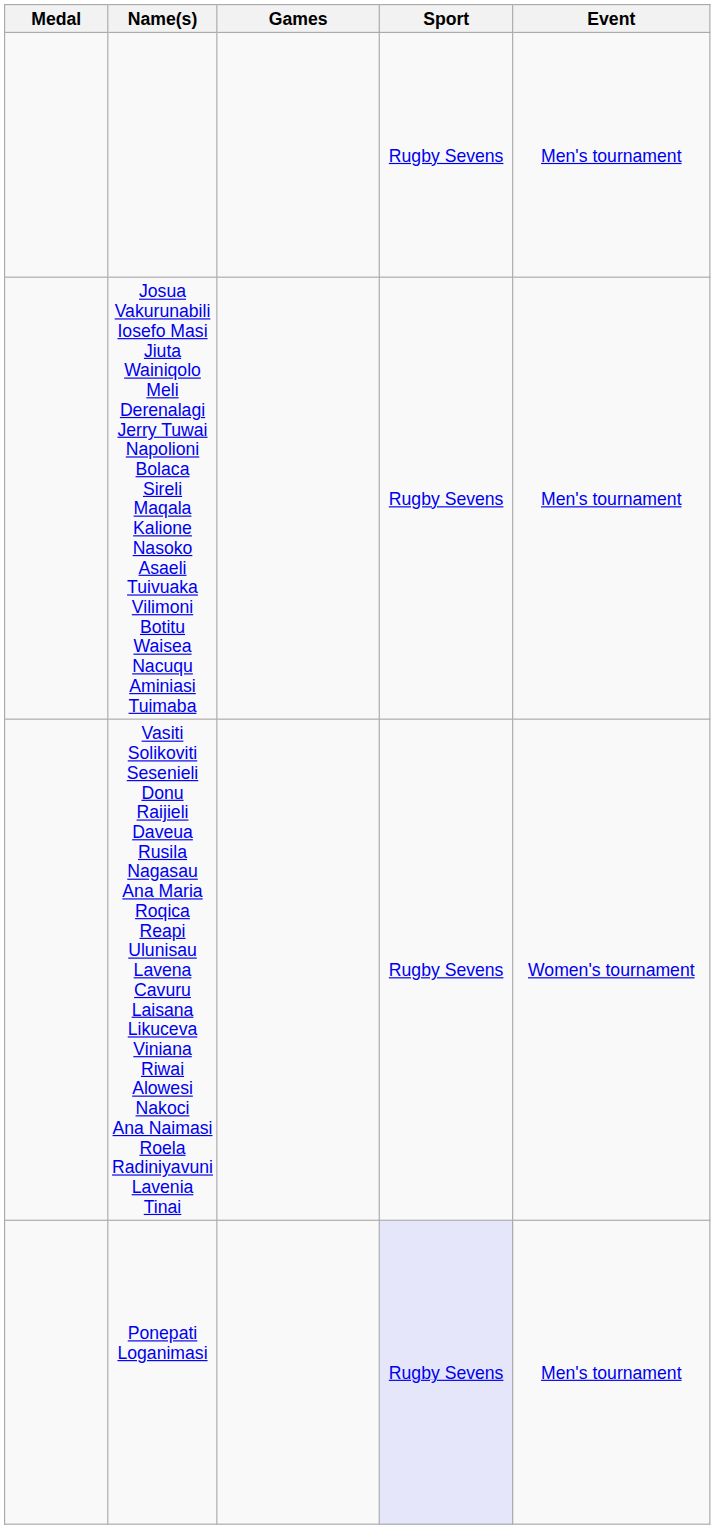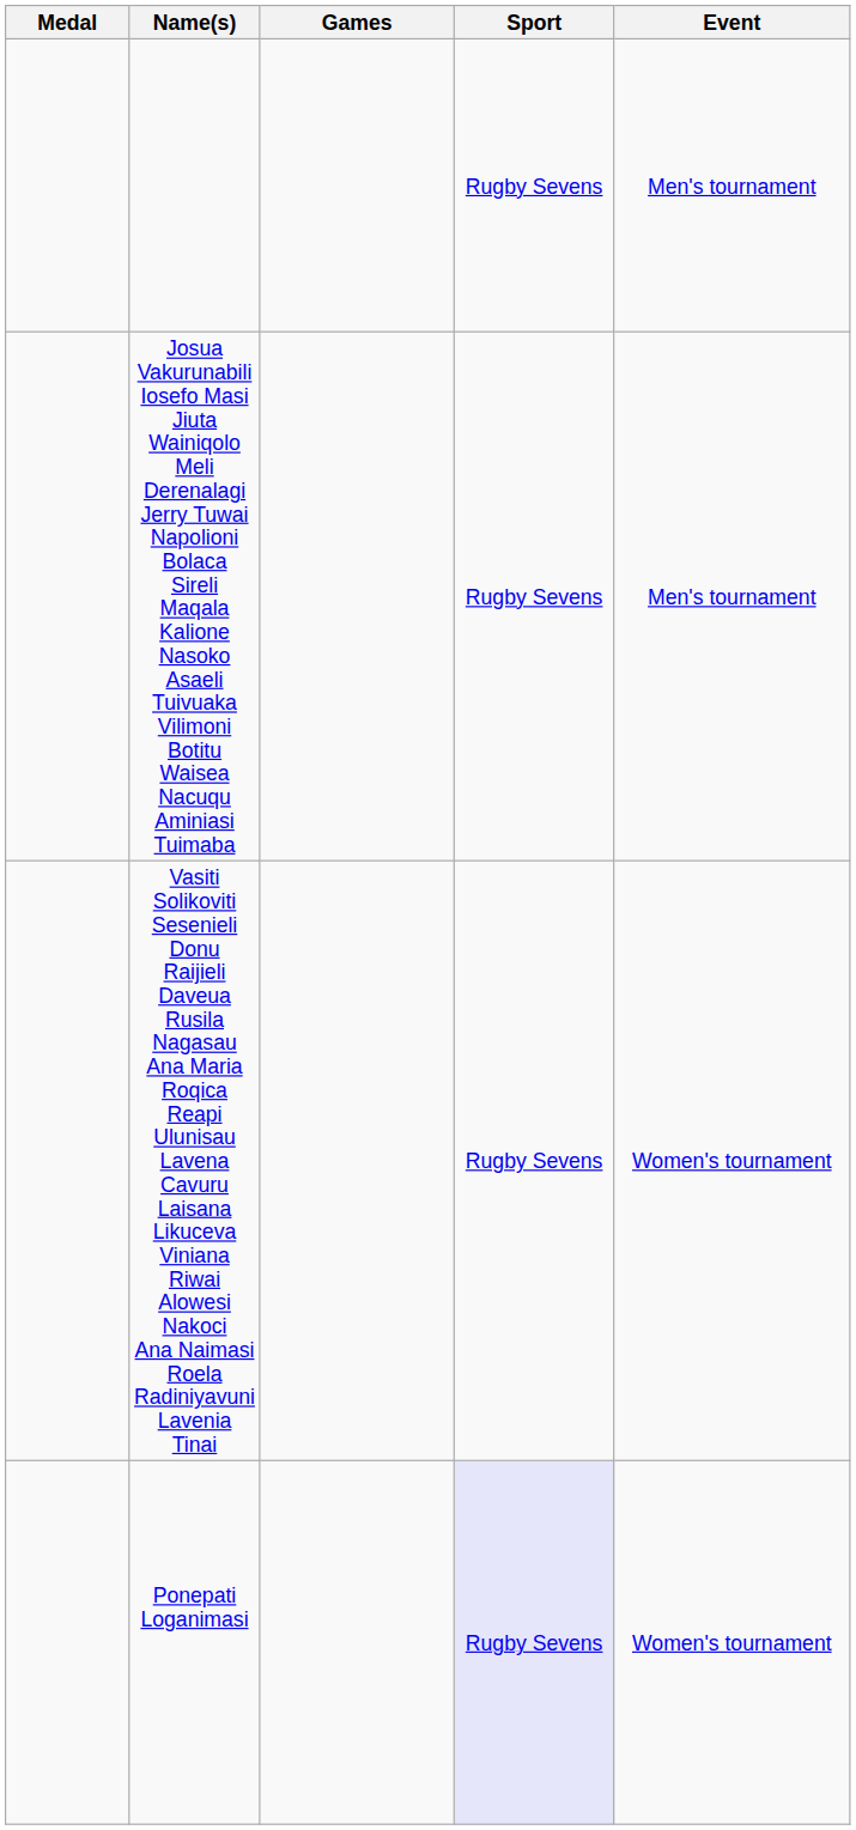 <table class="wikitable sortable" style="font-size: 95%;">
 <tr>
 <th style="width:6em">Medal</th>
 <th>Name(s)</th>
 <th style="width:10em">Games</th>
 <th style="width:8em">Sport</th>
 <th style="width:12em">Event</th>
 </tr>
 <tr align=center>
 <td></td>
 <td><br><br><br><br><br><br><br><br><br><br><br><br></td>
 <td></td>
 <td><a href='#'>Rugby Sevens</a></td>
 <td><a href='#'>Men's tournament</a></td>
 </tr>
 <tr align=center>
 <td></td>
 <td><a href='#'>Josua Vakurunabili</a> <br> <a href='#'>Iosefo Masi</a> <br> <a href='#'>Jiuta Wainiqolo</a> <br> <a href='#'>Meli Derenalagi</a> <br> <a href='#'>Jerry Tuwai</a> <br> <a href='#'>Napolioni Bolaca</a> <br> <a href='#'>Sireli Maqala</a> <br> <a href='#'>Kalione Nasoko</a> <br> <a href='#'>Asaeli Tuivuaka</a> <br><a href='#'>Vilimoni Botitu</a> <br> <a href='#'>Waisea Nacuqu</a> <br><a href='#'>Aminiasi Tuimaba</a></td>
 <td></td>
 <td><a href='#'>Rugby Sevens</a></td>
 <td><a href='#'>Men's tournament</a></td>
 </tr>
 <tr align=center>
 <td></td>
 <td><a href='#'>Vasiti Solikoviti</a> <br>  <a href='#'>Sesenieli Donu</a> <br> <a href='#'>Raijieli Daveua</a> <br> <a href='#'>Rusila Nagasau</a>  <br> <a href='#'>Ana Maria Roqica</a>   <br> <a href='#'>Reapi Ulunisau</a>  <br> <a href='#'>Lavena Cavuru</a> <br> <a href='#'>Laisana Likuceva</a> <br> <a href='#'>Viniana Riwai</a> <br> <a href='#'>Alowesi Nakoci</a> <br> <a href='#'>Ana Naimasi</a> <br> <a href='#'>Roela Radiniyavuni</a> <br> <a href='#'>Lavenia Tinai</a></td>
 <td></td>
 <td><a href='#'>Rugby Sevens</a></td>
 <td><a href='#'>Women's tournament</a></td>
 </tr>
 <tr align=center>
 <td></td>
 <td><br><br><br><br><br> <a href='#'>Ponepati Loganimasi</a><br> <br><br><br><br><br><br> <br> <br></td>
 <td></td>
 <td style="background: lavender;"><a href='#'>Rugby Sevens</a></td>
-<td><a href='#'>Men's tournament</a></td>
+<td><a href='#'>Women's tournament</a></td>
 </tr>
 </table>
